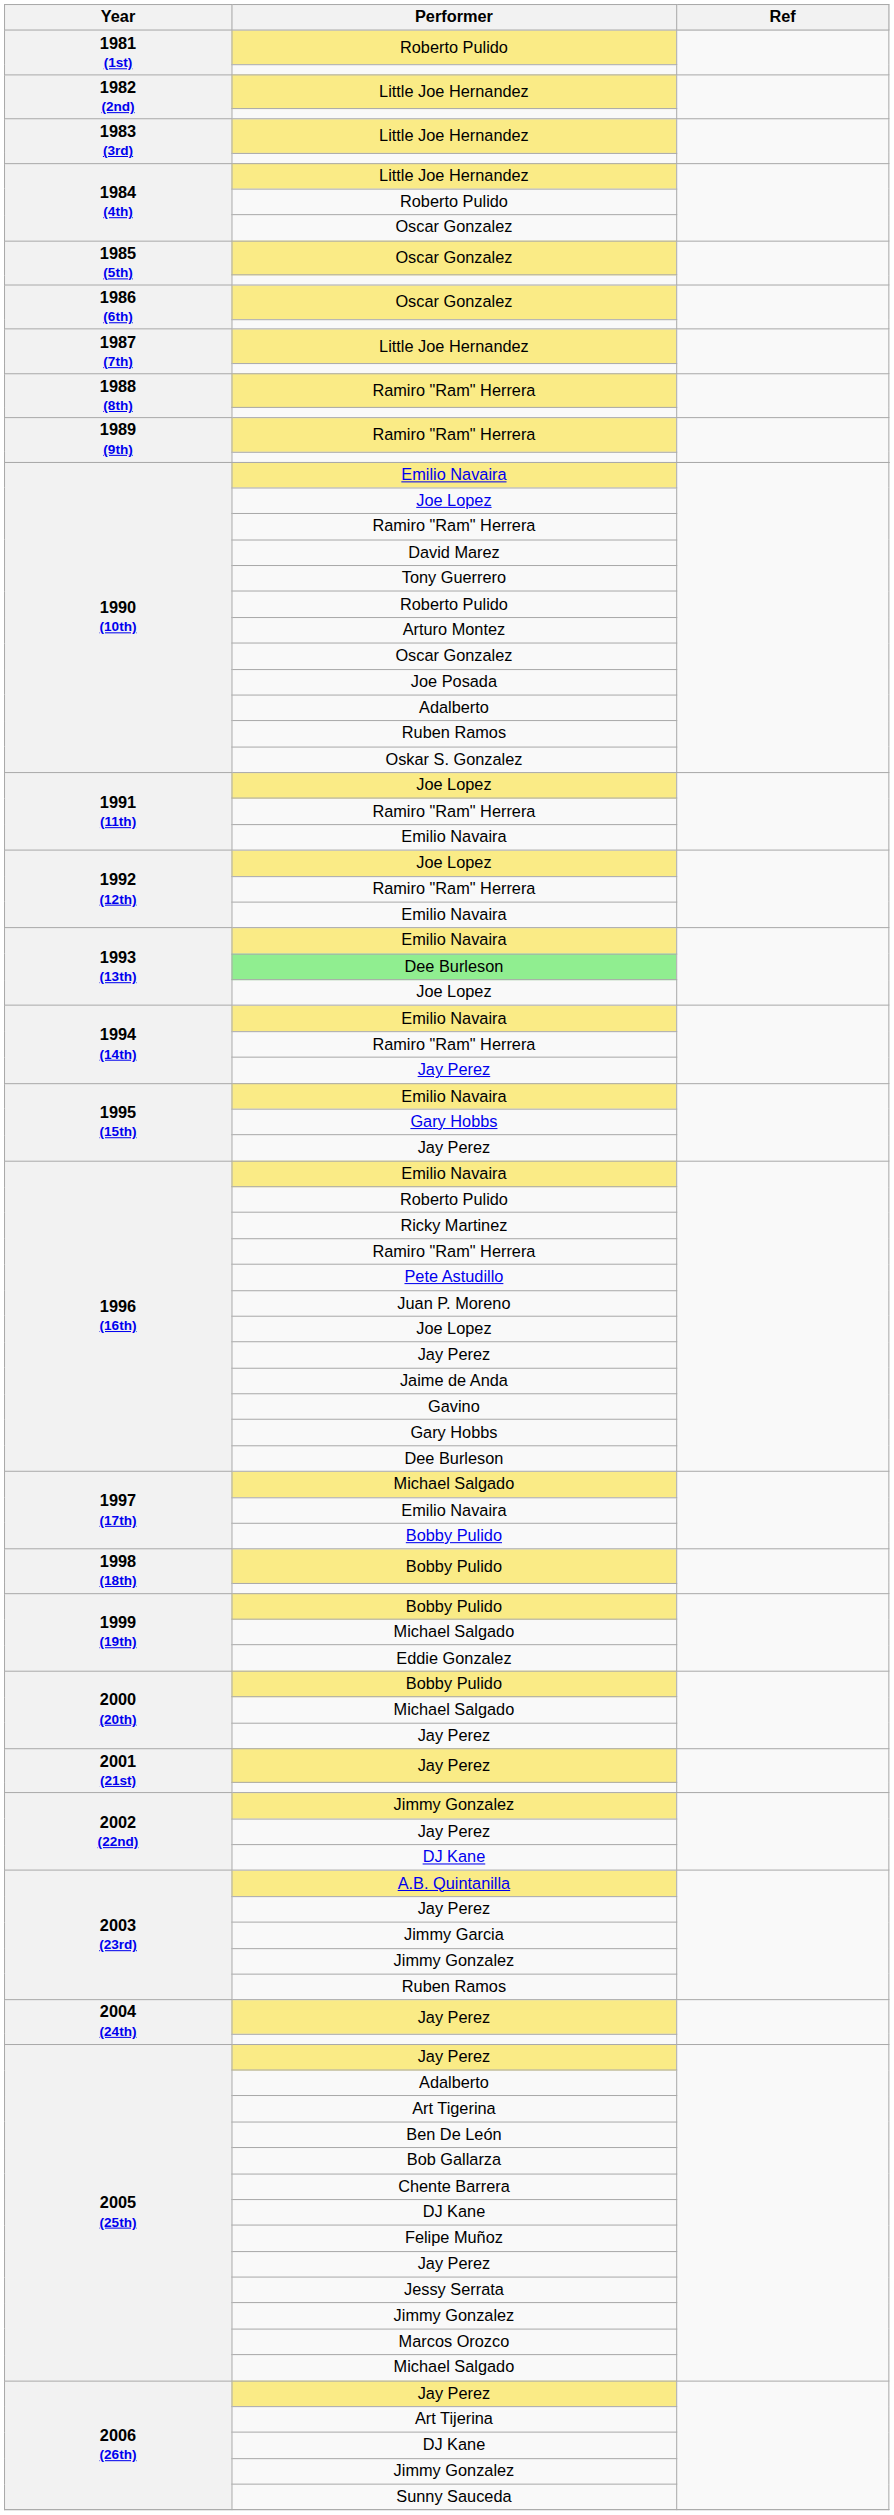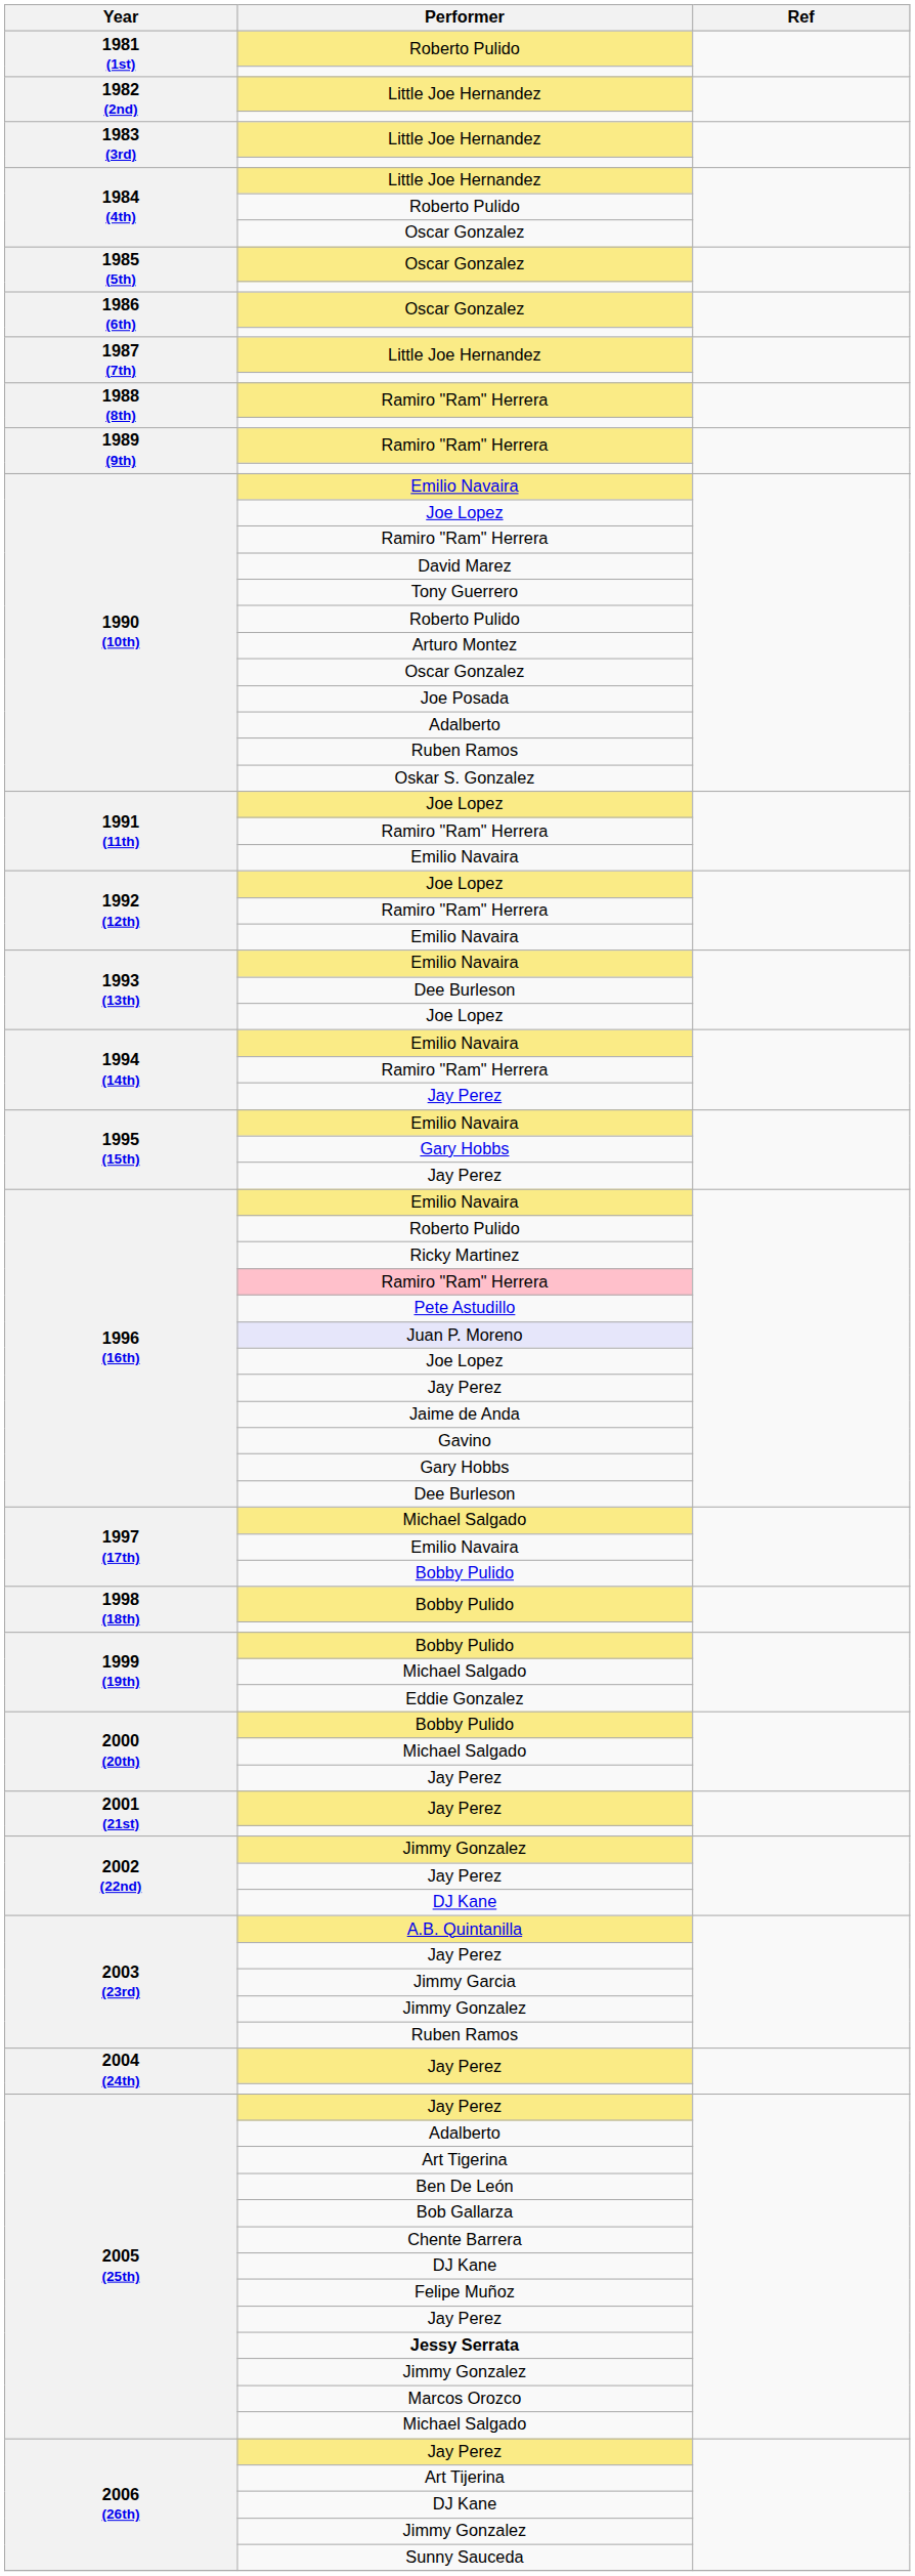 <table class="wikitable sortable" style="text-align:center;">
 <tr style="background:#bebebe;">
 <th scope="col" style="width:1%;">Year</th>
 <th scope="col" style="width:2%;">Performer</th>
 <th scope="col" style="width:1%;" class="unsortable">Ref</th>
 </tr>
 <tr>
 <th scope="row" rowspan=2 style="text-align:center">1981 <br><small><a href='#'>(1st)</a></small></th>
 <td style="background:#FAEB86">Roberto Pulido</td>
 <td rowspan=2></td>
 </tr>
 <tr>
 <td></td>
 </tr>
 <tr>
 <th scope="row" rowspan=2 style="text-align:center">1982 <br><small><a href='#'>(2nd)</a></small></th>
 <td style="background:#FAEB86">Little Joe Hernandez</td>
 <td rowspan=2></td>
 </tr>
 <tr>
 <td></td>
 </tr>
 <tr>
 <th scope="row" rowspan=2 style="text-align:center">1983 <br><small><a href='#'>(3rd)</a></small></th>
 <td style="background:#FAEB86">Little Joe Hernandez</td>
 <td rowspan=2></td>
 </tr>
 <tr>
 <td></td>
 </tr>
 <tr>
 <th scope="row" rowspan=3 style="text-align:center">1984 <br><small><a href='#'>(4th)</a></small></th>
 <td style="background:#FAEB86">Little Joe Hernandez</td>
 <td rowspan=3></td>
 </tr>
 <tr>
 <td>Roberto Pulido</td>
 </tr>
 <tr>
 <td>Oscar Gonzalez</td>
 </tr>
 <tr>
 <th scope="row" rowspan=2 style="text-align:center">1985 <br><small><a href='#'>(5th)</a></small></th>
 <td style="background:#FAEB86">Oscar Gonzalez</td>
 <td rowspan=2></td>
 </tr>
 <tr>
 <td></td>
 </tr>
 <tr>
 <th scope="row" rowspan=2 style="text-align:center">1986 <br><small><a href='#'>(6th)</a></small></th>
 <td style="background:#FAEB86">Oscar Gonzalez</td>
 <td rowspan=2></td>
 </tr>
 <tr>
 <td></td>
 </tr>
 <tr>
 <th scope="row" rowspan=2 style="text-align:center">1987 <br><small><a href='#'>(7th)</a></small></th>
 <td style="background:#FAEB86">Little Joe Hernandez</td>
 <td rowspan=2></td>
 </tr>
 <tr>
 <td></td>
 </tr>
 <tr>
 <th scope="row" rowspan=2 style="text-align:center">1988 <br><small><a href='#'>(8th)</a></small></th>
 <td style="background:#FAEB86">Ramiro "Ram" Herrera</td>
 <td rowspan=2></td>
 </tr>
 <tr>
 <td></td>
 </tr>
 <tr>
 <th scope="row" rowspan=2 style="text-align:center">1989 <br><small><a href='#'>(9th)</a></small></th>
 <td style="background:#FAEB86">Ramiro "Ram" Herrera</td>
 <td rowspan=2></td>
 </tr>
 <tr>
 <td></td>
 </tr>
 <tr>
 </tr>
 <tr>
 <th scope="row" rowspan=12 style="text-align:center">1990 <br><small><a href='#'>(10th)</a></small></th>
 <td style="background:#FAEB86"><a href='#'>Emilio Navaira</a></td>
 <td rowspan=12></td>
 </tr>
 <tr>
 <td><a href='#'>Joe Lopez</a></td>
 </tr>
 <tr>
 <td>Ramiro "Ram" Herrera</td>
 </tr>
 <tr>
 <td>David Marez</td>
 </tr>
 <tr>
 <td>Tony Guerrero</td>
 </tr>
 <tr>
 <td>Roberto Pulido</td>
 </tr>
 <tr>
 <td>Arturo Montez</td>
 </tr>
 <tr>
 <td>Oscar Gonzalez</td>
 </tr>
 <tr>
 <td>Joe Posada</td>
 </tr>
 <tr>
 <td>Adalberto</td>
 </tr>
 <tr>
 <td>Ruben Ramos</td>
 </tr>
 <tr>
 <td>Oskar S. Gonzalez</td>
 </tr>
 <tr>
 <th scope="row" rowspan=3 style="text-align:center">1991 <br><small><a href='#'>(11th)</a></small></th>
 <td style="background:#FAEB86">Joe Lopez</td>
 <td rowspan=3></td>
 </tr>
 <tr>
 <td>Ramiro "Ram" Herrera</td>
 </tr>
 <tr>
 <td>Emilio Navaira</td>
 </tr>
 <tr>
 <th scope="row" rowspan=3 style="text-align:center">1992 <br><small><a href='#'>(12th)</a></small></th>
 <td style="background:#FAEB86">Joe Lopez</td>
 <td rowspan=3></td>
 </tr>
 <tr>
 <td>Ramiro "Ram" Herrera</td>
 </tr>
 <tr>
 <td>Emilio Navaira</td>
 </tr>
 <tr>
 <th scope="row" rowspan=3 style="text-align:center">1993 <br><small><a href='#'>(13th)</a></small></th>
 <td style="background:#FAEB86">Emilio Navaira</td>
 <td rowspan=3></td>
 </tr>
 <tr>
-<td style="background: lightgreen;">Dee Burleson</td>
+<td>Dee Burleson</td>
 </tr>
 <tr>
 <td>Joe Lopez</td>
 </tr>
 <tr>
 <th scope="row" rowspan=3 style="text-align:center">1994 <br><small><a href='#'>(14th)</a></small></th>
 <td style="background:#FAEB86">Emilio Navaira</td>
 <td rowspan=3></td>
 </tr>
 <tr>
 <td>Ramiro "Ram" Herrera</td>
 </tr>
 <tr>
 <td><a href='#'>Jay Perez</a></td>
 </tr>
 <tr>
 <th scope="row" rowspan=3 style="text-align:center">1995 <br><small><a href='#'>(15th)</a></small></th>
 <td style="background:#FAEB86">Emilio Navaira</td>
 <td rowspan=3></td>
 </tr>
 <tr>
 <td><a href='#'>Gary Hobbs</a></td>
 </tr>
 <tr>
 <td>Jay Perez</td>
 </tr>
 <tr>
 <th scope="row" rowspan=12 style="text-align:center">1996 <br><small><a href='#'>(16th)</a></small></th>
 <td style="background:#FAEB86">Emilio Navaira</td>
 <td rowspan=12></td>
 </tr>
 <tr>
 <td>Roberto Pulido</td>
 </tr>
 <tr>
 <td>Ricky Martinez</td>
 </tr>
 <tr>
-<td>Ramiro "Ram" Herrera</td>
+<td style="background: pink;">Ramiro "Ram" Herrera</td>
 </tr>
 <tr>
 <td><a href='#'>Pete Astudillo</a></td>
 </tr>
 <tr>
-<td>Juan P. Moreno</td>
+<td style="background: lavender;">Juan P. Moreno</td>
 </tr>
 <tr>
 <td>Joe Lopez</td>
 </tr>
 <tr>
 <td>Jay Perez</td>
 </tr>
 <tr>
 <td>Jaime de Anda</td>
 </tr>
 <tr>
 <td>Gavino</td>
 </tr>
 <tr>
 <td>Gary Hobbs</td>
 </tr>
 <tr>
 <td>Dee Burleson</td>
 </tr>
 <tr>
 <th scope="row" rowspan=3 style="text-align:center">1997 <br><small><a href='#'>(17th)</a></small></th>
 <td style="background:#FAEB86">Michael Salgado</td>
 <td rowspan=3></td>
 </tr>
 <tr>
 <td>Emilio Navaira</td>
 </tr>
 <tr>
 <td><a href='#'>Bobby Pulido</a></td>
 </tr>
 <tr>
 <th scope="row" rowspan=2 style="text-align:center">1998 <br><small><a href='#'>(18th)</a></small></th>
 <td style="background:#FAEB86">Bobby Pulido</td>
 <td rowspan=2></td>
 </tr>
 <tr>
 <td></td>
 </tr>
 <tr>
 <th scope="row" rowspan=3 style="text-align:center">1999 <br><small><a href='#'>(19th)</a></small></th>
 <td style="background:#FAEB86">Bobby Pulido</td>
 <td rowspan=3></td>
 </tr>
 <tr>
 <td>Michael Salgado</td>
 </tr>
 <tr>
 <td>Eddie Gonzalez</td>
 </tr>
 <tr>
 <th scope="row" rowspan=3 style="text-align:center">2000 <br><small><a href='#'>(20th)</a></small></th>
 <td style="background:#FAEB86">Bobby Pulido</td>
 <td rowspan=3></td>
 </tr>
 <tr>
 <td>Michael Salgado</td>
 </tr>
 <tr>
 <td>Jay Perez</td>
 </tr>
 <tr>
 <th scope="row" rowspan=2 style="text-align:center">2001 <br><small><a href='#'>(21st)</a></small></th>
 <td style="background:#FAEB86">Jay Perez</td>
 <td rowspan=2></td>
 </tr>
 <tr>
 <td></td>
 </tr>
 <tr>
 <th scope="row" rowspan=3 style="text-align:center">2002 <br><small><a href='#'>(22nd)</a></small></th>
 <td style="background:#FAEB86">Jimmy Gonzalez</td>
 <td rowspan=3></td>
 </tr>
 <tr>
 <td>Jay Perez</td>
 </tr>
 <tr>
 <td><a href='#'>DJ Kane</a></td>
 </tr>
 <tr>
 <th scope="row" rowspan=5 style="text-align:center">2003 <br><small><a href='#'>(23rd)</a></small></th>
 <td style="background:#FAEB86"><a href='#'>A.B. Quintanilla</a></td>
 <td rowspan=5></td>
 </tr>
 <tr>
 <td>Jay Perez</td>
 </tr>
 <tr>
 <td>Jimmy Garcia</td>
 </tr>
 <tr>
 <td>Jimmy Gonzalez</td>
 </tr>
 <tr>
 <td>Ruben Ramos</td>
 </tr>
 <tr>
 <th scope="row" rowspan=2 style="text-align:center">2004 <br><small><a href='#'>(24th)</a></small></th>
 <td style="background:#FAEB86">Jay Perez</td>
 <td rowspan=2></td>
 </tr>
 <tr>
 <td></td>
 </tr>
 <tr>
 <th scope="row" rowspan=13 style="text-align:center">2005 <br><small><a href='#'>(25th)</a></small></th>
 <td style="background:#FAEB86">Jay Perez</td>
 <td rowspan=13></td>
 </tr>
 <tr>
 <td>Adalberto</td>
 </tr>
 <tr>
 <td>Art Tigerina</td>
 </tr>
 <tr>
 <td>Ben De León</td>
 </tr>
 <tr>
 <td>Bob Gallarza</td>
 </tr>
 <tr>
 <td>Chente Barrera</td>
 </tr>
 <tr>
 <td>DJ Kane</td>
 </tr>
 <tr>
 <td>Felipe Muñoz</td>
 </tr>
 <tr>
 <td>Jay Perez</td>
 </tr>
 <tr>
-<td>Jessy Serrata</td>
+<td><strong>Jessy Serrata</strong></td>
 </tr>
 <tr>
 <td>Jimmy Gonzalez</td>
 </tr>
 <tr>
 <td>Marcos Orozco</td>
 </tr>
 <tr>
 <td>Michael Salgado</td>
 </tr>
 <tr>
 <th scope="row" rowspan=5 style="text-align:center">2006 <br><small><a href='#'>(26th)</a></small></th>
 <td style="background:#FAEB86">Jay Perez</td>
 <td rowspan=5></td>
 </tr>
 <tr>
 <td>Art Tijerina</td>
 </tr>
 <tr>
 <td>DJ Kane</td>
 </tr>
 <tr>
 <td>Jimmy Gonzalez</td>
 </tr>
 <tr>
 <td>Sunny Sauceda</td>
 </tr>
 <tr>
 </tr>
 </table>
